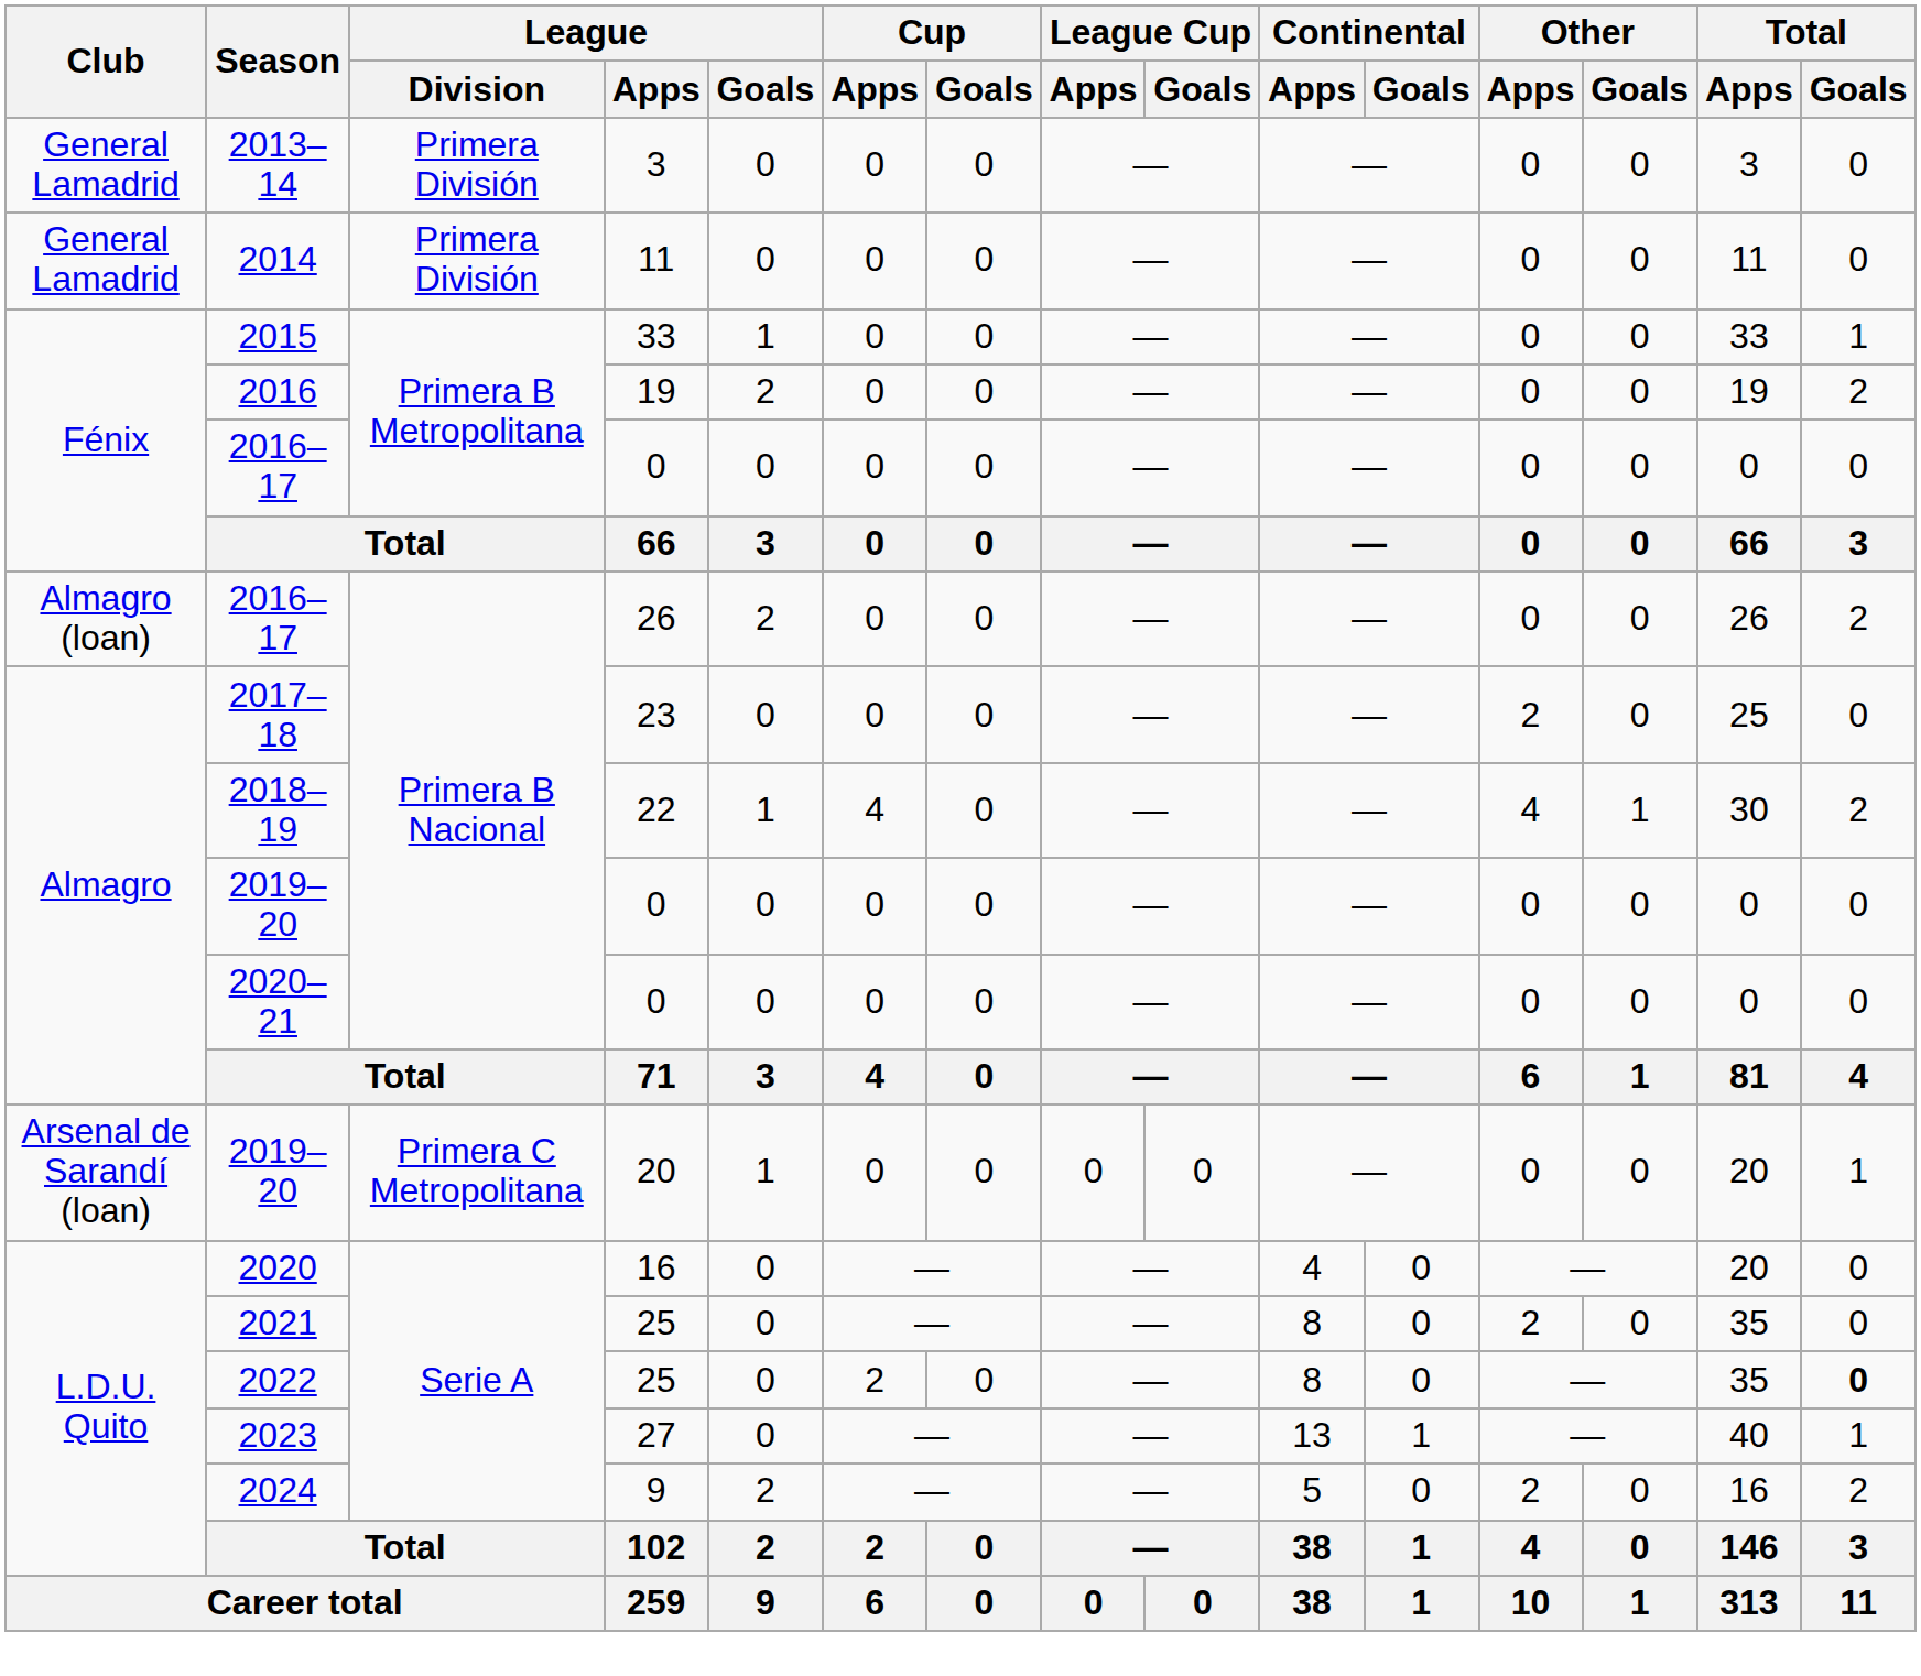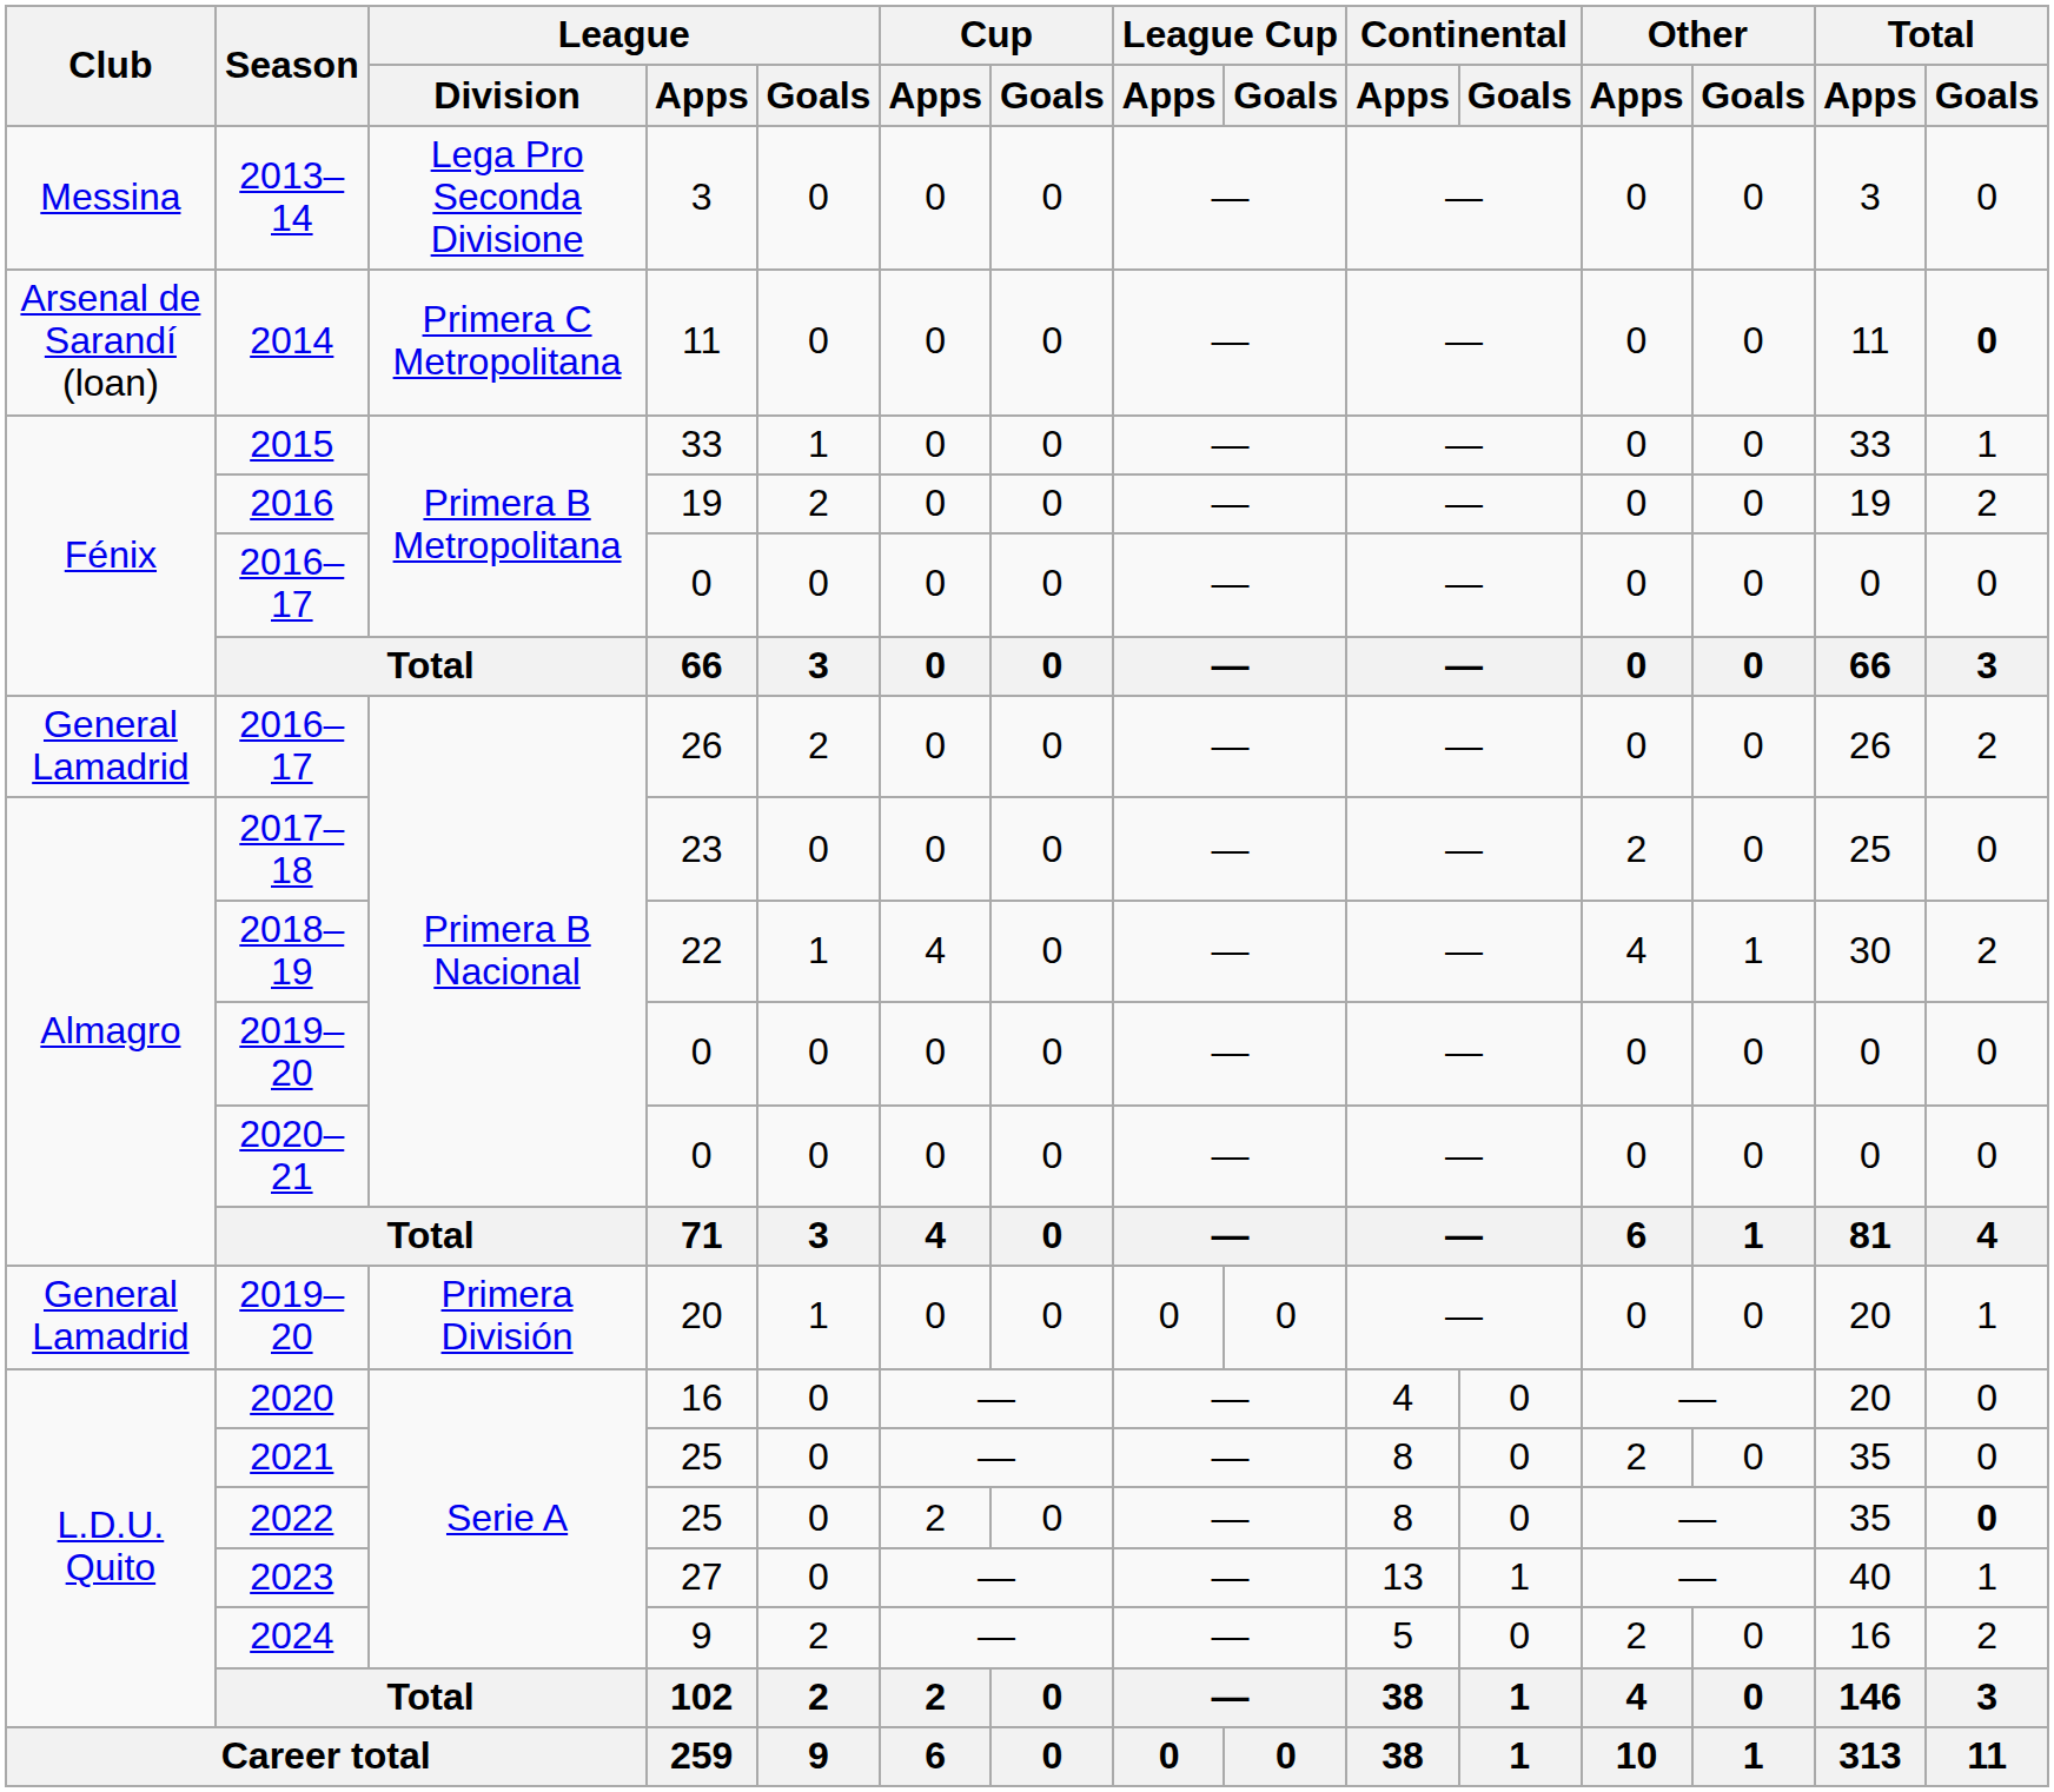 <table class="wikitable" style="text-align:center">
 <tr>
 <th rowspan="2">Club</th>
 <th rowspan="2">Season</th>
 <th colspan="3">League</th>
 <th colspan="2">Cup</th>
 <th colspan="2">League Cup</th>
 <th colspan="2">Continental</th>
 <th colspan="2">Other</th>
 <th colspan="2">Total</th>
 </tr>
 <tr>
 <th>Division</th>
 <th>Apps</th>
 <th>Goals</th>
 <th>Apps</th>
 <th>Goals</th>
 <th>Apps</th>
 <th>Goals</th>
 <th>Apps</th>
 <th>Goals</th>
 <th>Apps</th>
 <th>Goals</th>
 <th>Apps</th>
 <th>Goals</th>
 </tr>
 <tr>
-<td rowspan="1"><a href='#'>General Lamadrid</a></td>
+<td rowspan="1"><a href='#'>Messina</a></td>
 <td><a href='#'>2013–14</a></td>
-<td rowspan="1"><a href='#'>Primera División</a></td>
+<td rowspan="1"><a href='#'>Lega Pro Seconda Divisione</a></td>
 <td>3</td>
 <td>0</td>
 <td>0</td>
 <td>0</td>
 <td colspan="2">—</td>
 <td colspan="2">—</td>
 <td>0</td>
 <td>0</td>
 <td>3</td>
 <td>0</td>
 </tr>
 <tr>
-<td rowspan="1"><a href='#'>General Lamadrid</a></td>
+<td rowspan="1"><a href='#'>Arsenal de Sarandí</a> (loan)</td>
 <td><a href='#'>2014</a></td>
-<td rowspan="1"><a href='#'>Primera División</a></td>
+<td rowspan="1"><a href='#'>Primera C Metropolitana</a></td>
 <td>11</td>
 <td>0</td>
 <td>0</td>
 <td>0</td>
 <td colspan="2">—</td>
 <td colspan="2">—</td>
 <td>0</td>
 <td>0</td>
 <td>11</td>
-<td>0</td>
+<td><strong>0</strong></td>
 </tr>
 <tr>
 <td rowspan="4"><a href='#'>Fénix</a></td>
 <td><a href='#'>2015</a></td>
 <td rowspan="3"><a href='#'>Primera B Metropolitana</a></td>
 <td>33</td>
 <td>1</td>
 <td>0</td>
 <td>0</td>
 <td colspan="2">—</td>
 <td colspan="2">—</td>
 <td>0</td>
 <td>0</td>
 <td>33</td>
 <td>1</td>
 </tr>
 <tr>
 <td><a href='#'>2016</a></td>
 <td>19</td>
 <td>2</td>
 <td>0</td>
 <td>0</td>
 <td colspan="2">—</td>
 <td colspan="2">—</td>
 <td>0</td>
 <td>0</td>
 <td>19</td>
 <td>2</td>
 </tr>
 <tr>
 <td><a href='#'>2016–17</a></td>
 <td>0</td>
 <td>0</td>
 <td>0</td>
 <td>0</td>
 <td colspan="2">—</td>
 <td colspan="2">—</td>
 <td>0</td>
 <td>0</td>
 <td>0</td>
 <td>0</td>
 </tr>
 <tr>
 <th colspan="2">Total</th>
 <th>66</th>
 <th>3</th>
 <th>0</th>
 <th>0</th>
 <th colspan="2">—</th>
 <th colspan="2">—</th>
 <th>0</th>
 <th>0</th>
 <th>66</th>
 <th>3</th>
 </tr>
 <tr>
-<td rowspan="1"><a href='#'>Almagro</a> (loan)</td>
+<td rowspan="1"><a href='#'>General Lamadrid</a></td>
 <td><a href='#'>2016–17</a></td>
 <td rowspan="5"><a href='#'>Primera B Nacional</a></td>
 <td>26</td>
 <td>2</td>
 <td>0</td>
 <td>0</td>
 <td colspan="2">—</td>
 <td colspan="2">—</td>
 <td>0</td>
 <td>0</td>
 <td>26</td>
 <td>2</td>
 </tr>
 <tr>
 <td rowspan="5"><a href='#'>Almagro</a></td>
 <td><a href='#'>2017–18</a></td>
 <td>23</td>
 <td>0</td>
 <td>0</td>
 <td>0</td>
 <td colspan="2">—</td>
 <td colspan="2">—</td>
 <td>2</td>
 <td>0</td>
 <td>25</td>
 <td>0</td>
 </tr>
 <tr>
 <td><a href='#'>2018–19</a></td>
 <td>22</td>
 <td>1</td>
 <td>4</td>
 <td>0</td>
 <td colspan="2">—</td>
 <td colspan="2">—</td>
 <td>4</td>
 <td>1</td>
 <td>30</td>
 <td>2</td>
 </tr>
 <tr>
 <td><a href='#'>2019–20</a></td>
 <td>0</td>
 <td>0</td>
 <td>0</td>
 <td>0</td>
 <td colspan="2">—</td>
 <td colspan="2">—</td>
 <td>0</td>
 <td>0</td>
 <td>0</td>
 <td>0</td>
 </tr>
 <tr>
 <td><a href='#'>2020–21</a></td>
 <td>0</td>
 <td>0</td>
 <td>0</td>
 <td>0</td>
 <td colspan="2">—</td>
 <td colspan="2">—</td>
 <td>0</td>
 <td>0</td>
 <td>0</td>
 <td>0</td>
 </tr>
 <tr>
 <th colspan="2">Total</th>
 <th>71</th>
 <th>3</th>
 <th>4</th>
 <th>0</th>
 <th colspan="2">—</th>
 <th colspan="2">—</th>
 <th>6</th>
 <th>1</th>
 <th>81</th>
 <th>4</th>
 </tr>
 <tr>
-<td rowspan="1"><a href='#'>Arsenal de Sarandí</a> (loan)</td>
+<td rowspan="1"><a href='#'>General Lamadrid</a></td>
 <td><a href='#'>2019–20</a></td>
-<td rowspan="1"><a href='#'>Primera C Metropolitana</a></td>
+<td rowspan="1"><a href='#'>Primera División</a></td>
 <td>20</td>
 <td>1</td>
 <td>0</td>
 <td>0</td>
 <td>0</td>
 <td>0</td>
 <td colspan="2">—</td>
 <td>0</td>
 <td>0</td>
 <td>20</td>
 <td>1</td>
 </tr>
 <tr>
 <td rowspan="6"><a href='#'>L.D.U. Quito</a></td>
 <td><a href='#'>2020</a></td>
 <td rowspan="5"><a href='#'>Serie A</a></td>
 <td>16</td>
 <td>0</td>
 <td colspan="2">—</td>
 <td colspan="2">—</td>
 <td>4</td>
 <td>0</td>
 <td colspan="2">—</td>
 <td>20</td>
 <td>0</td>
 </tr>
 <tr>
 <td><a href='#'>2021</a></td>
 <td>25</td>
 <td>0</td>
 <td colspan="2">—</td>
 <td colspan="2">—</td>
 <td>8</td>
 <td>0</td>
 <td>2</td>
 <td>0</td>
 <td>35</td>
 <td>0</td>
 </tr>
 <tr>
 <td><a href='#'>2022</a></td>
 <td>25</td>
 <td>0</td>
 <td>2</td>
 <td>0</td>
 <td colspan="2">—</td>
 <td>8</td>
 <td>0</td>
 <td colspan="2">—</td>
 <td>35</td>
 <td><strong>0</strong></td>
 </tr>
 <tr>
 <td><a href='#'>2023</a></td>
 <td>27</td>
 <td>0</td>
 <td colspan="2">—</td>
 <td colspan="2">—</td>
 <td>13</td>
 <td>1</td>
 <td colspan="2">—</td>
 <td>40</td>
 <td>1</td>
 </tr>
 <tr>
 <td><a href='#'>2024</a></td>
 <td>9</td>
 <td>2</td>
 <td colspan="2">—</td>
 <td colspan="2">—</td>
 <td>5</td>
 <td>0</td>
 <td>2</td>
 <td>0</td>
 <td>16</td>
 <td>2</td>
 </tr>
 <tr>
 <th colspan="2">Total</th>
 <th>102</th>
 <th>2</th>
 <th>2</th>
 <th>0</th>
 <th colspan="2">—</th>
 <th>38</th>
 <th>1</th>
 <th>4</th>
 <th>0</th>
 <th>146</th>
 <th>3</th>
 </tr>
 <tr>
 <th colspan="3">Career total</th>
 <th>259</th>
 <th>9</th>
 <th>6</th>
 <th>0</th>
 <th>0</th>
 <th>0</th>
 <th>38</th>
 <th>1</th>
 <th>10</th>
 <th>1</th>
 <th>313</th>
 <th>11</th>
 </tr>
 </table>
